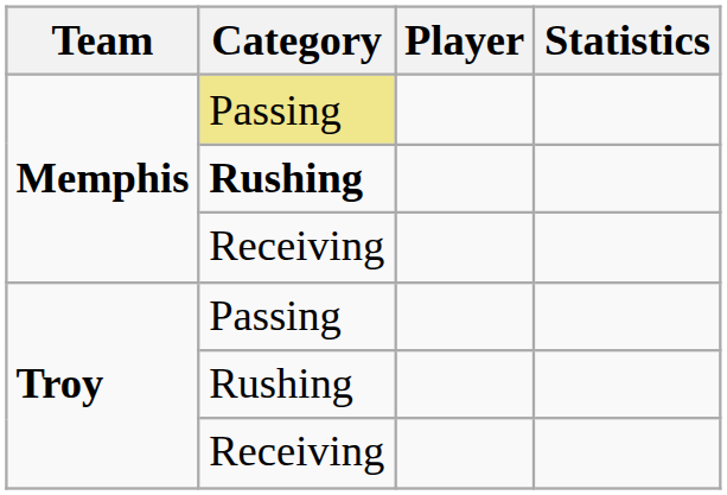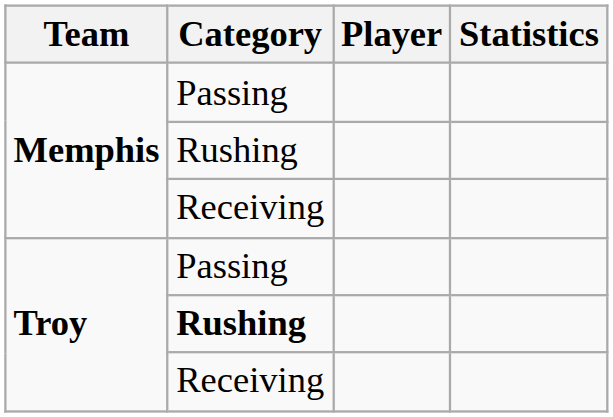 <table class="wikitable" style="float: right;">
 <tr>
 <th>Team</th>
 <th>Category</th>
 <th>Player</th>
 <th>Statistics</th>
 </tr>
 <tr>
 <td rowspan=3><strong>Memphis</strong></td>
-<td style="background: khaki;">Passing</td>
+<td>Passing</td>
 <td></td>
 <td></td>
 </tr>
 <tr>
-<td><strong>Rushing</strong></td>
+<td>Rushing</td>
 <td></td>
 <td></td>
 </tr>
 <tr>
 <td>Receiving</td>
 <td></td>
 <td></td>
 </tr>
 <tr>
 <td rowspan=3><strong>Troy</strong></td>
 <td>Passing</td>
 <td></td>
 <td></td>
 </tr>
 <tr>
-<td>Rushing</td>
+<td><strong>Rushing</strong></td>
 <td></td>
 <td></td>
 </tr>
 <tr>
 <td>Receiving</td>
 <td></td>
 <td></td>
 </tr>
 </table>
